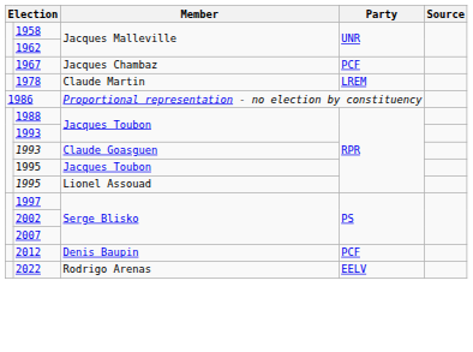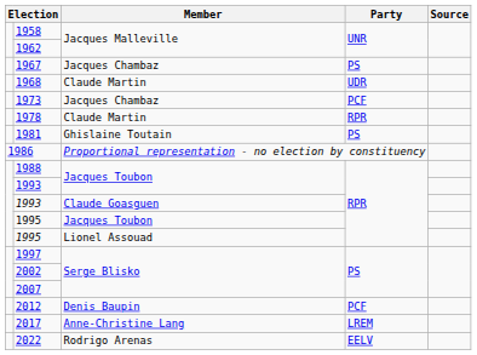 <table class="wikitable">
 <tr>
 <th colspan="2">Election</th>
 <th>Member</th>
 <th>Party</th>
 <th>Source</th>
 </tr>
 <tr>
 <td rowspan="2" style="color:inherit;background-color: "></td>
 <td><a href='#'>1958</a></td>
 <td rowspan="2">Jacques Malleville</td>
 <td rowspan="2"><a href='#'>UNR</a></td>
 <td rowspan="2"></td>
 </tr>
 <tr>
 <td><a href='#'>1962</a></td>
 </tr>
 <tr>
 <td style="color:inherit;background-color: "></td>
 <td><a href='#'>1967</a></td>
 <td>Jacques Chambaz</td>
+<td><a href='#'>PS</a></td>
+<td></td>
+</tr>
+<tr>
+<td style="color:inherit;background-color: "></td>
+<td><a href='#'>1968</a></td>
+<td>Claude Martin</td>
+<td><a href='#'>UDR</a></td>
+<td></td>
+</tr>
+<tr>
+<td style="color:inherit;background-color: "></td>
+<td><a href='#'>1973</a></td>
+<td>Jacques Chambaz</td>
 <td><a href='#'>PCF</a></td>
 <td></td>
 </tr>
 <tr>
 <td style="color:inherit;background-color: "></td>
 <td><a href='#'>1978</a></td>
 <td>Claude Martin</td>
-<td><a href='#'>LREM</a></td>
+<td><a href='#'>RPR</a></td>
+<td></td>
+</tr>
+<tr>
+<td style="color:inherit;background-color: "></td>
+<td><a href='#'>1981</a></td>
+<td>Ghislaine Toutain</td>
+<td><a href='#'>PS</a></td>
 <td></td>
 </tr>
 <tr>
 <td colspan="2"><a href='#'>1986</a></td>
 <td colspan="2"><em><a href='#'>Proportional representation</a> - no election by constituency</em></td>
 <td></td>
 </tr>
 <tr>
 <td rowspan="5" style="color:inherit;background-color: "></td>
 <td><a href='#'>1988</a></td>
 <td rowspan="2"><a href='#'>Jacques Toubon</a></td>
 <td rowspan="5"><a href='#'>RPR</a></td>
 <td></td>
 </tr>
 <tr>
 <td><a href='#'>1993</a></td>
 <td></td>
 </tr>
 <tr>
 <td><em>1993</em></td>
 <td><a href='#'>Claude Goasguen</a></td>
 <td></td>
 </tr>
 <tr>
 <td>1995</td>
 <td><a href='#'>Jacques Toubon</a></td>
 <td></td>
 </tr>
 <tr>
 <td><em>1995</em></td>
 <td>Lionel Assouad</td>
 <td></td>
 </tr>
 <tr>
 <td rowspan="3" style="color:inherit;background-color: "></td>
 <td><a href='#'>1997</a></td>
 <td rowspan="3"><a href='#'>Serge Blisko</a></td>
 <td rowspan="3"><a href='#'>PS</a></td>
 <td rowspan="3"></td>
 </tr>
 <tr>
 <td><a href='#'>2002</a></td>
 </tr>
 <tr>
 <td><a href='#'>2007</a></td>
 </tr>
 <tr>
 <td style="color:inherit;background-color: "></td>
 <td><a href='#'>2012</a></td>
 <td><a href='#'>Denis Baupin</a></td>
 <td><a href='#'>PCF</a></td>
 <td></td>
 </tr>
 <tr>
 <td style="color:inherit;background:"></td>
+<td><a href='#'>2017</a></td>
+<td><a href='#'>Anne-Christine Lang</a></td>
+<td><a href='#'>LREM</a></td>
+<td></td>
+</tr>
+<tr>
+<td style="color:inherit;background:"></td>
 <td><a href='#'>2022</a></td>
 <td>Rodrigo Arenas</td>
 <td><a href='#'>EELV</a></td>
 <td></td>
 </tr>
 </table>
